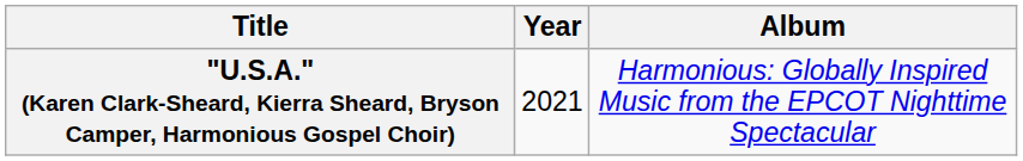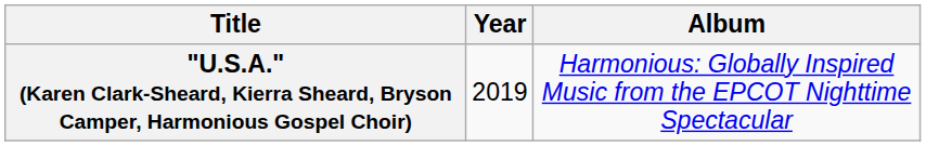 <table class="wikitable plainrowheaders" style="text-align:center;" border="1">
 <tr>
 <th scope="col" style="width:18em;">Title</th>
 <th scope="col" style="width:1em;">Year</th>
 <th scope="col" style="width:15em;">Album</th>
 </tr>
 <tr>
 <th scope="row">"U.S.A."<br><small>(Karen Clark-Sheard, Kierra Sheard, Bryson Camper, Harmonious Gospel Choir)</small></th>
-<td rowspan="1">2021</td>
+<td rowspan="1">2019</td>
 <td><em><a href='#'>Harmonious: Globally Inspired Music from the EPCOT Nighttime Spectacular</a></em></td>
 </tr>
 </table>
